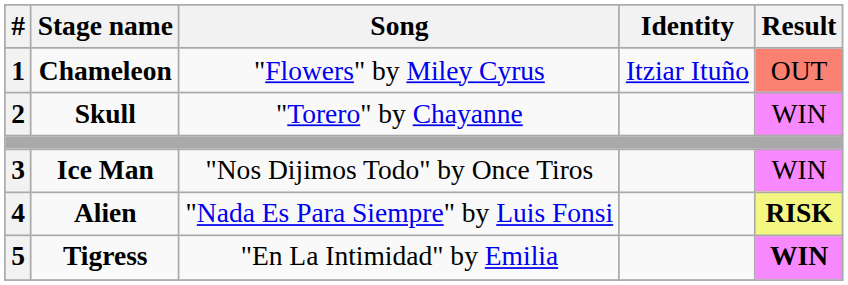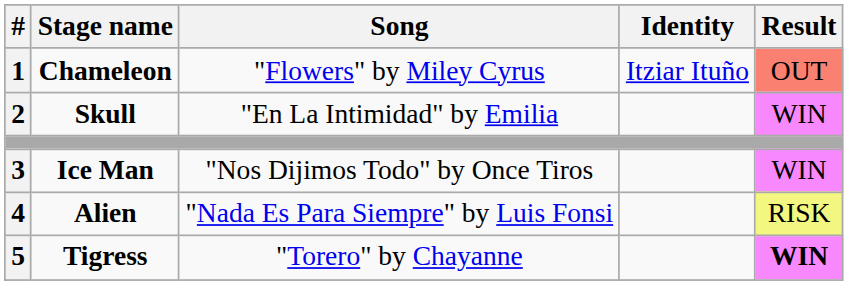 <table class="wikitable plainrowheaders" style="text-align: center;">
 <tr>
 <th>#</th>
 <th>Stage name</th>
 <th>Song</th>
 <th>Identity</th>
 <th>Result</th>
 </tr>
 <tr>
 <th><strong>1</strong></th>
 <td><strong>Chameleon</strong></td>
 <td>"<a href='#'>Flowers</a>" by <a href='#'>Miley Cyrus</a></td>
 <td><a href='#'>Itziar Ituño</a></td>
 <td bgcolor="salmon">OUT</td>
 </tr>
 <tr>
 <th><strong>2</strong></th>
 <td><strong>Skull</strong></td>
-<td>"<a href='#'>Torero</a>" by <a href='#'>Chayanne</a></td>
+<td>"En La Intimidad" by <a href='#'>Emilia</a></td>
 <td></td>
 <td bgcolor="#F888FD">WIN</td>
 </tr>
 <tr>
 <td colspan="5" style="background:darkgray"></td>
 </tr>
 <tr>
 <th><strong>3</strong></th>
 <td><strong>Ice Man</strong></td>
 <td>"Nos Dijimos Todo" by Once Tiros</td>
 <td></td>
 <td bgcolor="#F888FD">WIN</td>
 </tr>
 <tr>
 <th><strong>4</strong></th>
 <td><strong>Alien</strong></td>
 <td>"<a href='#'>Nada Es Para Siempre</a>" by <a href='#'>Luis Fonsi</a></td>
 <td></td>
-<td bgcolor="#F3F781"><strong>RISK</strong></td>
+<td bgcolor="#F3F781">RISK</td>
 </tr>
 <tr>
 <th><strong>5</strong></th>
 <td><strong>Tigress</strong></td>
-<td>"En La Intimidad" by <a href='#'>Emilia</a></td>
+<td>"<a href='#'>Torero</a>" by <a href='#'>Chayanne</a></td>
 <td></td>
 <td bgcolor=#F888FD><strong>WIN</strong></td>
 </tr>
 </table>
